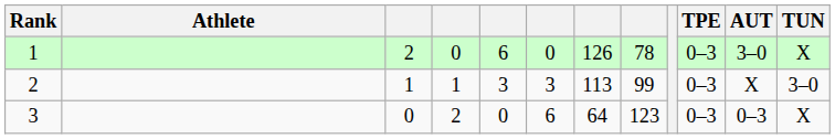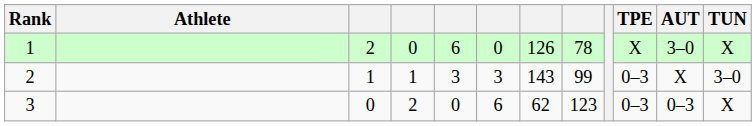 <table class="wikitable" style="text-align:center">
 <tr>
 <th>Rank</th>
 <th width=250>Athlete</th>
 <th width=30></th>
 <th width=30></th>
 <th width=30></th>
 <th width=30></th>
 <th width=30></th>
 <th width=30></th>
 <th rowspan=4></th>
 <th width=30>TPE</th>
 <th width=30>AUT</th>
 <th width=30>TUN</th>
 </tr>
 <tr bgcolor=#ccffcc>
 <td>1</td>
 <td align=left></td>
 <td>2</td>
 <td>0</td>
 <td>6</td>
 <td>0</td>
 <td>126</td>
 <td>78</td>
-<td>0–3</td>
+<td>X</td>
 <td>3–0</td>
 <td>X</td>
 </tr>
 <tr>
 <td>2</td>
 <td align=left></td>
 <td>1</td>
 <td>1</td>
 <td>3</td>
 <td>3</td>
-<td>113</td>
+<td>143</td>
 <td>99</td>
 <td>0–3</td>
 <td>X</td>
 <td>3–0</td>
 </tr>
 <tr>
 <td>3</td>
 <td align=left></td>
 <td>0</td>
 <td>2</td>
 <td>0</td>
 <td>6</td>
-<td>64</td>
+<td>62</td>
 <td>123</td>
 <td>0–3</td>
 <td>0–3</td>
 <td>X</td>
 </tr>
 </table>
